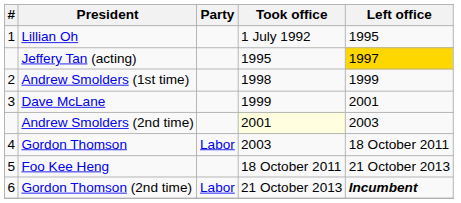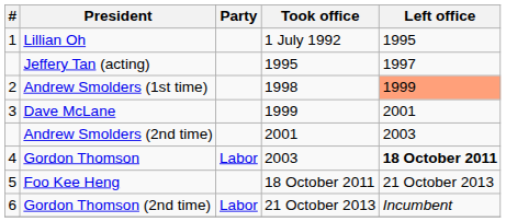 <table class="wikitable sortable">
 <tr>
 <th>#</th>
 <th>President</th>
 <th>Party</th>
 <th>Took office</th>
 <th>Left office</th>
 </tr>
 <tr>
 <td>1</td>
 <td><a href='#'>Lillian Oh</a></td>
 <td></td>
 <td>1 July 1992</td>
 <td>1995</td>
 </tr>
 <tr>
 <td></td>
 <td><a href='#'>Jeffery Tan</a> (acting)</td>
 <td></td>
 <td>1995</td>
-<td style="background: gold;">1997</td>
+<td>1997</td>
 </tr>
 <tr>
 <td>2</td>
 <td><a href='#'>Andrew Smolders</a> (1st time)</td>
 <td></td>
 <td>1998</td>
-<td>1999</td>
+<td style="background: lightsalmon;">1999</td>
 </tr>
 <tr>
 <td>3</td>
 <td><a href='#'>Dave McLane</a></td>
 <td></td>
 <td>1999</td>
 <td>2001</td>
 </tr>
 <tr>
 <td></td>
 <td><a href='#'>Andrew Smolders</a> (2nd time)</td>
 <td></td>
-<td style="background: lightyellow;">2001</td>
+<td>2001</td>
 <td>2003</td>
 </tr>
 <tr>
 <td>4</td>
 <td><a href='#'>Gordon Thomson</a></td>
 <td><a href='#'>Labor</a></td>
 <td>2003</td>
-<td>18 October 2011</td>
+<td><strong>18 October 2011</strong></td>
 </tr>
 <tr>
 <td>5</td>
 <td><a href='#'>Foo Kee Heng</a></td>
 <td></td>
 <td>18 October 2011</td>
 <td>21 October 2013</td>
 </tr>
 <tr>
 <td>6</td>
 <td><a href='#'>Gordon Thomson</a> (2nd time)</td>
 <td><a href='#'>Labor</a></td>
 <td>21 October 2013</td>
-<td><strong><em>Incumbent</em></strong></td>
+<td><em>Incumbent</em></td>
 </tr>
 <tr>
 </tr>
 </table>
